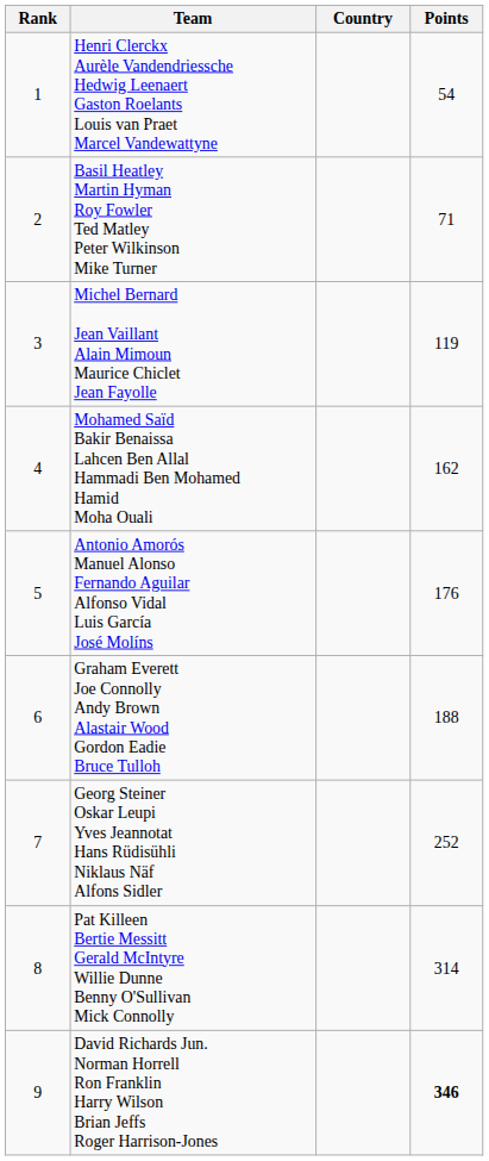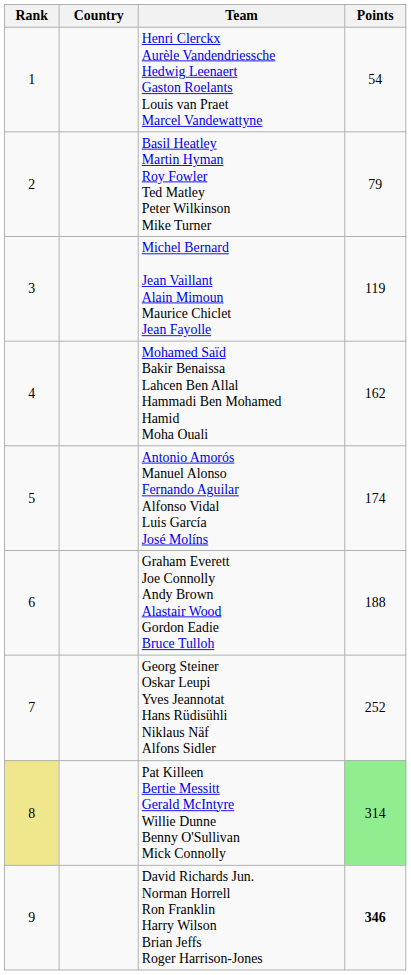 <table class="wikitable sortable" style=" text-align:center; font-size:95%;" width="50%">
 <tr>
 <th>Rank</th>
+<th>Country</th>
 <th>Team</th>
-<th>Country</th>
 <th>Points</th>
 </tr>
 <tr>
 <td align=center>1</td>
+<td align=left></td>
 <td align=left><a href='#'>Henri Clerckx</a><br><a href='#'>Aurèle Vandendriessche</a><br><a href='#'>Hedwig Leenaert</a><br><a href='#'>Gaston Roelants</a><br>Louis van Praet<br><a href='#'>Marcel Vandewattyne</a></td>
-<td align=left></td>
 <td>54</td>
 </tr>
 <tr>
 <td align=center>2</td>
+<td align=left></td>
 <td align=left><a href='#'>Basil Heatley</a><br><a href='#'>Martin Hyman</a><br><a href='#'>Roy Fowler</a><br>Ted Matley<br>Peter Wilkinson<br>Mike Turner</td>
-<td align=left></td>
-<td>71</td>
+<td>79</td>
 </tr>
 <tr>
 <td align=center>3</td>
+<td align=left></td>
 <td align=left><a href='#'>Michel Bernard</a><br><br><a href='#'>Jean Vaillant</a><br><a href='#'>Alain Mimoun</a><br>Maurice Chiclet<br><a href='#'>Jean Fayolle</a></td>
-<td align=left></td>
 <td>119</td>
 </tr>
 <tr>
 <td align=center>4</td>
+<td align=left></td>
 <td align=left><a href='#'>Mohamed Saïd</a><br>Bakir Benaissa<br>Lahcen Ben Allal<br>Hammadi Ben Mohamed<br>Hamid<br>Moha Ouali</td>
-<td align=left></td>
 <td>162</td>
 </tr>
 <tr>
 <td align=center>5</td>
+<td align=left></td>
 <td align=left><a href='#'>Antonio Amorós</a><br>Manuel Alonso<br><a href='#'>Fernando Aguilar</a><br>Alfonso Vidal<br>Luis García<br><a href='#'>José Molíns</a></td>
-<td align=left></td>
-<td>176</td>
+<td>174</td>
 </tr>
 <tr>
 <td align=center>6</td>
+<td align=left></td>
 <td align=left>Graham Everett<br>Joe Connolly<br>Andy Brown<br><a href='#'>Alastair Wood</a><br>Gordon Eadie<br><a href='#'>Bruce Tulloh</a></td>
-<td align=left></td>
 <td>188</td>
 </tr>
 <tr>
 <td align=center>7</td>
+<td align=left></td>
 <td align=left>Georg Steiner<br>Oskar Leupi<br>Yves Jeannotat<br>Hans Rüdisühli<br>Niklaus Näf<br>Alfons Sidler</td>
-<td align=left></td>
 <td>252</td>
 </tr>
 <tr>
-<td align=center>8</td>
+<td align=center style="background: khaki;">8</td>
+<td align=left></td>
 <td align=left>Pat Killeen<br><a href='#'>Bertie Messitt</a><br><a href='#'>Gerald McIntyre</a><br>Willie Dunne<br>Benny O'Sullivan<br>Mick Connolly</td>
-<td align=left></td>
-<td>314</td>
+<td style="background: lightgreen;">314</td>
 </tr>
 <tr>
 <td align=center>9</td>
+<td align=left></td>
 <td align=left>David Richards Jun.<br>Norman Horrell<br>Ron Franklin<br>Harry Wilson<br>Brian Jeffs<br>Roger Harrison-Jones</td>
-<td align=left></td>
 <td><strong>346</strong></td>
 </tr>
 </table>
